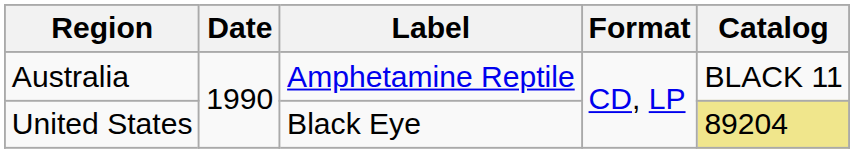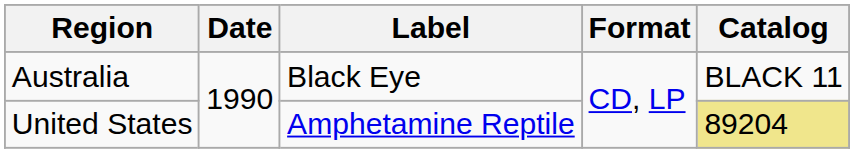 <table class="wikitable">
 <tr>
 <th>Region</th>
 <th>Date</th>
 <th>Label</th>
 <th>Format</th>
 <th>Catalog</th>
 </tr>
 <tr>
 <td>Australia</td>
 <td rowspan="2">1990</td>
-<td><a href='#'>Amphetamine Reptile</a></td>
+<td>Black Eye</td>
 <td rowspan="2"><a href='#'>CD</a>, <a href='#'>LP</a></td>
 <td>BLACK 11</td>
 </tr>
 <tr>
 <td>United States</td>
-<td>Black Eye</td>
+<td><a href='#'>Amphetamine Reptile</a></td>
 <td style="background: khaki;">89204</td>
 </tr>
 </table>
